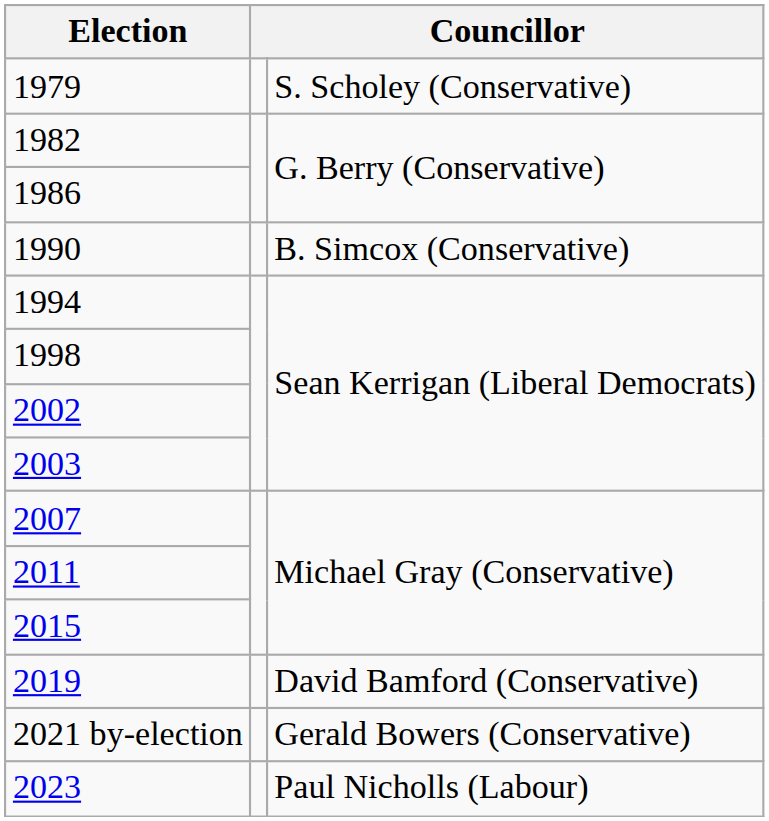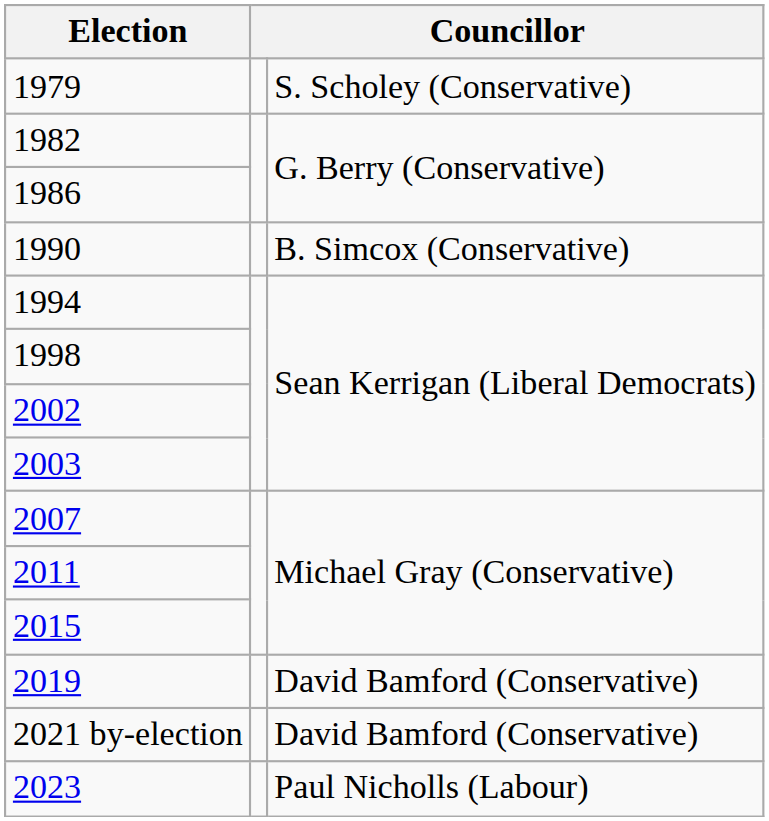 <table class="wikitable">
 <tr>
 <th>Election</th>
 <th colspan="2">Councillor</th>
 </tr>
 <tr>
 <td>1979</td>
 <td style="background-color: "></td>
 <td>S. Scholey (Conservative)</td>
 </tr>
 <tr>
 <td>1982</td>
 <td rowspan="2" style="background-color: "></td>
 <td rowspan="2">G. Berry (Conservative)</td>
 </tr>
 <tr>
 <td>1986</td>
 </tr>
 <tr>
 <td>1990</td>
 <td style="background-color: "></td>
 <td>B. Simcox (Conservative)</td>
 </tr>
 <tr>
 <td>1994</td>
 <td rowspan="4" style="background-color: "></td>
 <td rowspan="4">Sean Kerrigan (Liberal Democrats)</td>
 </tr>
 <tr>
 <td>1998</td>
 </tr>
 <tr>
 <td><a href='#'>2002</a></td>
 </tr>
 <tr>
 <td><a href='#'>2003</a></td>
 </tr>
 <tr>
 <td><a href='#'>2007</a></td>
 <td rowspan="3" style="background-color: "></td>
 <td rowspan="3">Michael Gray (Conservative)</td>
 </tr>
 <tr>
 <td><a href='#'>2011</a></td>
 </tr>
 <tr>
 <td><a href='#'>2015</a></td>
 </tr>
 <tr>
 <td><a href='#'>2019</a></td>
 <td style="background-color: "></td>
 <td>David Bamford (Conservative)</td>
 </tr>
 <tr>
 <td>2021 by-election</td>
 <td style="background-color: "></td>
-<td>Gerald Bowers (Conservative)</td>
+<td>David Bamford (Conservative)</td>
 </tr>
 <tr>
 <td><a href='#'>2023</a></td>
 <td style="background-color: "></td>
 <td>Paul Nicholls (Labour)</td>
 </tr>
 </table>
